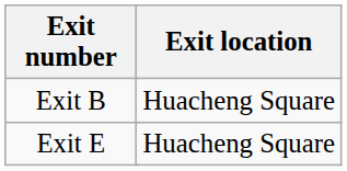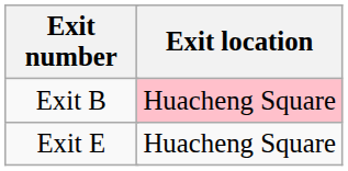 <table class="wikitable">
 <tr>
 <th style="width:70px" colspan="2">Exit number</th>
 <th>Exit location</th>
 </tr>
 <tr>
 <td align="center" colspan="2">Exit B</td>
-<td>Huacheng Square</td>
+<td style="background: pink;">Huacheng Square</td>
 </tr>
 <tr>
 <td align="center" colspan="2">Exit E</td>
 <td>Huacheng Square</td>
 </tr>
 </table>
